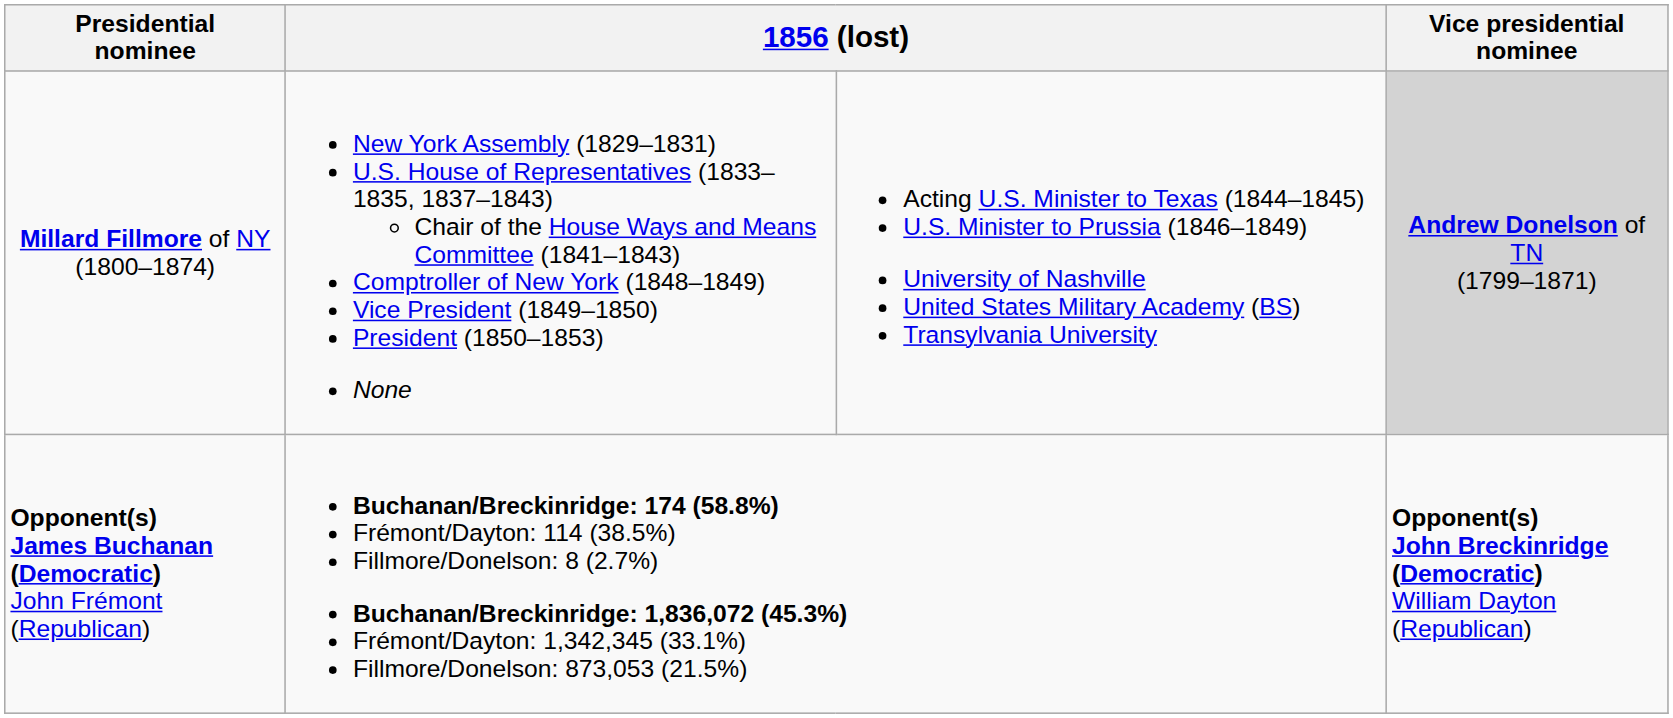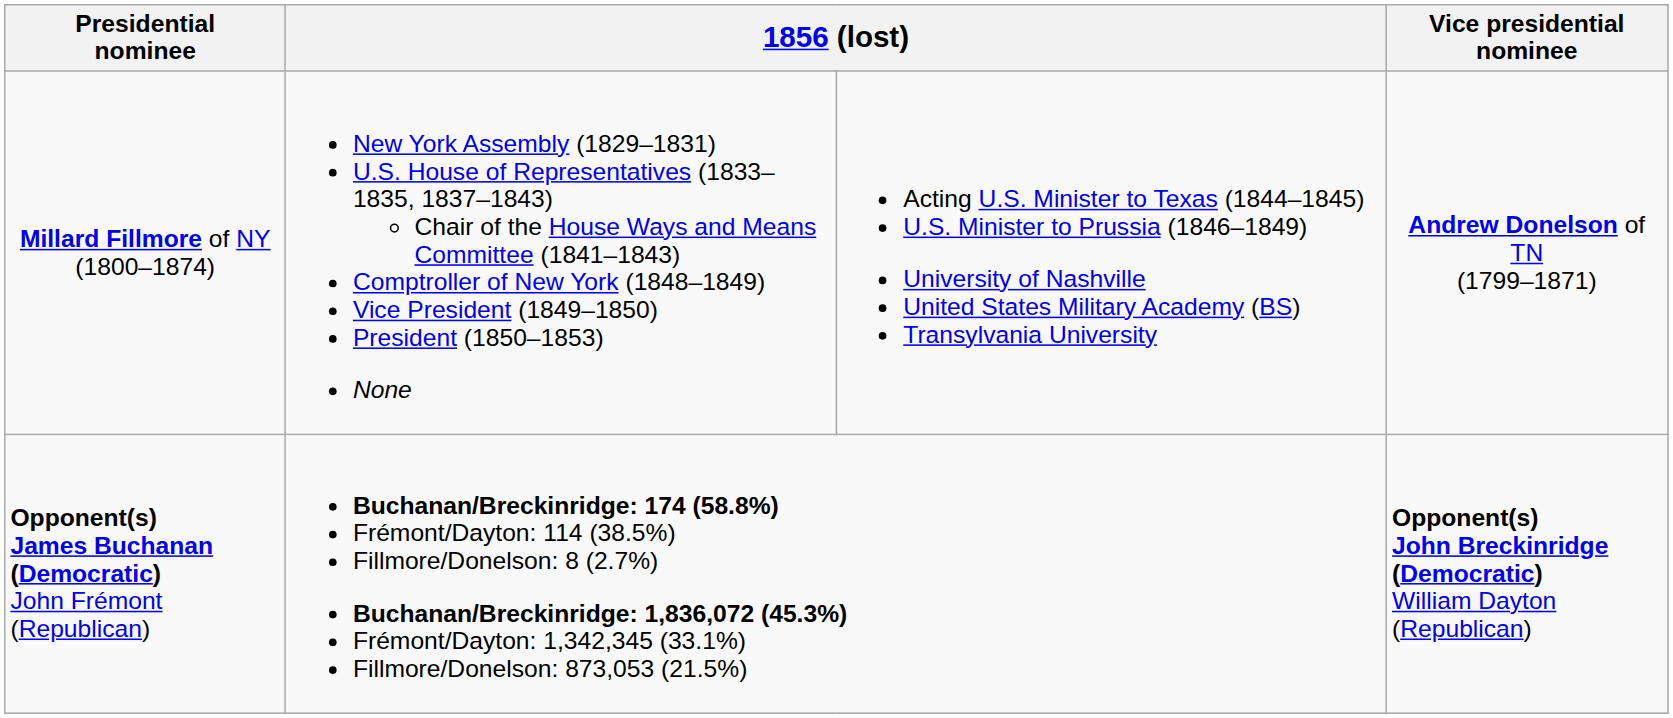 <table class="wikitable">
 <tr>
 <th width=175>Presidential<br>nominee</th>
 <th colspan=2><big><a href='#'>1856</a> (lost)</big></th>
 <th width=175>Vice presidential<br>nominee</th>
 </tr>
 <tr>
 <td style="text-align:center;"><strong><a href='#'>Millard Fillmore</a></strong> of <a href='#'>NY</a><br>(1800–1874)<br></td>
 <td width=350><br><ul><li><a href='#'>New York Assembly</a> (1829–1831)</li><li><a href='#'>U.S. House of Representatives</a> (1833–1835, 1837–1843)<ul><li>Chair of the <a href='#'>House Ways and Means Committee</a> (1841–1843)</li></ul></li><li><a href='#'>Comptroller of New York</a> (1848–1849)</li><li><a href='#'>Vice President</a> (1849–1850)</li><li><a href='#'>President</a> (1850–1853)</li></ul><ul><li><em>None</em></li></ul></td>
 <td width=350><br><ul><li>Acting <a href='#'>U.S. Minister to Texas</a> (1844–1845)</li><li><a href='#'>U.S. Minister to Prussia</a> (1846–1849)</li></ul><ul><li><a href='#'>University of Nashville</a></li><li><a href='#'>United States Military Academy</a> (<a href='#'>BS</a>)</li><li><a href='#'>Transylvania University</a></li></ul></td>
-<td style="background: lightgrey; text-align:center;"><strong><a href='#'>Andrew Donelson</a></strong> of <a href='#'>TN</a><br>(1799–1871)<br></td>
+<td style="text-align:center;"><strong><a href='#'>Andrew Donelson</a></strong> of <a href='#'>TN</a><br>(1799–1871)<br></td>
 </tr>
 <tr>
 <td><strong>Opponent(s)</strong><br><strong><a href='#'>James Buchanan</a> (<a href='#'>Democratic</a>)</strong><br><a href='#'>John Frémont</a> (<a href='#'>Republican</a>)</td>
 <td colspan=2><br><ul><li><strong>Buchanan/Breckinridge: 174 (58.8%)</strong></li><li>Frémont/Dayton: 114 (38.5%)</li><li>Fillmore/Donelson: 8 (2.7%)</li></ul><ul><li><strong>Buchanan/Breckinridge: 1,836,072 (45.3%)</strong></li><li>Frémont/Dayton: 1,342,345 (33.1%)</li><li>Fillmore/Donelson: 873,053 (21.5%)</li></ul></td>
 <td><strong>Opponent(s)</strong><br><strong><a href='#'>John Breckinridge</a> (<a href='#'>Democratic</a>)</strong><br><a href='#'>William Dayton</a> (<a href='#'>Republican</a>)</td>
 </tr>
 </table>
